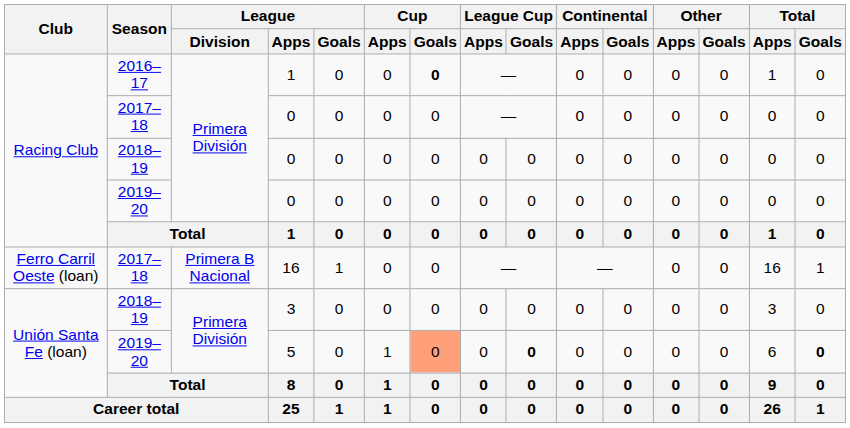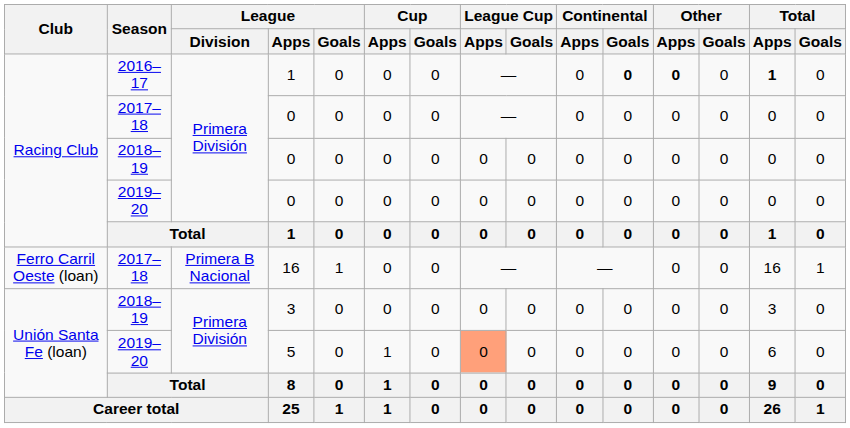 <table class="wikitable" style="text-align:center">
 <tr>
 <th rowspan="2">Club</th>
 <th rowspan="2">Season</th>
 <th colspan="3">League</th>
 <th colspan="2">Cup</th>
 <th colspan="2">League Cup</th>
 <th colspan="2">Continental</th>
 <th colspan="2">Other</th>
 <th colspan="2">Total</th>
 </tr>
 <tr>
 <th>Division</th>
 <th>Apps</th>
 <th>Goals</th>
 <th>Apps</th>
 <th>Goals</th>
 <th>Apps</th>
 <th>Goals</th>
 <th>Apps</th>
 <th>Goals</th>
 <th>Apps</th>
 <th>Goals</th>
 <th>Apps</th>
 <th>Goals</th>
 </tr>
 <tr>
 <td rowspan="5"><a href='#'>Racing Club</a></td>
 <td><a href='#'>2016–17</a></td>
 <td rowspan="4"><a href='#'>Primera División</a></td>
 <td>1</td>
 <td>0</td>
 <td>0</td>
-<td><strong>0</strong></td>
+<td>0</td>
 <td colspan="2">—</td>
 <td>0</td>
+<td><strong>0</strong></td>
+<td><strong>0</strong></td>
 <td>0</td>
-<td>0</td>
-<td>0</td>
-<td>1</td>
+<td><strong>1</strong></td>
 <td>0</td>
 </tr>
 <tr>
 <td><a href='#'>2017–18</a></td>
 <td>0</td>
 <td>0</td>
 <td>0</td>
 <td>0</td>
 <td colspan="2">—</td>
 <td>0</td>
 <td>0</td>
 <td>0</td>
 <td>0</td>
 <td>0</td>
 <td>0</td>
 </tr>
 <tr>
 <td><a href='#'>2018–19</a></td>
 <td>0</td>
 <td>0</td>
 <td>0</td>
 <td>0</td>
 <td>0</td>
 <td>0</td>
 <td>0</td>
 <td>0</td>
 <td>0</td>
 <td>0</td>
 <td>0</td>
 <td>0</td>
 </tr>
 <tr>
 <td><a href='#'>2019–20</a></td>
 <td>0</td>
 <td>0</td>
 <td>0</td>
 <td>0</td>
 <td>0</td>
 <td>0</td>
 <td>0</td>
 <td>0</td>
 <td>0</td>
 <td>0</td>
 <td>0</td>
 <td>0</td>
 </tr>
 <tr>
 <th colspan="2">Total</th>
 <th>1</th>
 <th>0</th>
 <th>0</th>
 <th>0</th>
 <th>0</th>
 <th>0</th>
 <th>0</th>
 <th>0</th>
 <th>0</th>
 <th>0</th>
 <th>1</th>
 <th>0</th>
 </tr>
 <tr>
 <td rowspan="1"><a href='#'>Ferro Carril Oeste</a> (loan)</td>
 <td><a href='#'>2017–18</a></td>
 <td rowspan="1"><a href='#'>Primera B Nacional</a></td>
 <td>16</td>
 <td>1</td>
 <td>0</td>
 <td>0</td>
 <td colspan="2">—</td>
 <td colspan="2">—</td>
 <td>0</td>
 <td>0</td>
 <td>16</td>
 <td>1</td>
 </tr>
 <tr>
 <td rowspan="3"><a href='#'>Unión Santa Fe</a> (loan)</td>
 <td><a href='#'>2018–19</a></td>
 <td rowspan="2"><a href='#'>Primera División</a></td>
 <td>3</td>
 <td>0</td>
 <td>0</td>
 <td>0</td>
 <td>0</td>
 <td>0</td>
 <td>0</td>
 <td>0</td>
 <td>0</td>
 <td>0</td>
 <td>3</td>
 <td>0</td>
 </tr>
 <tr>
 <td><a href='#'>2019–20</a></td>
 <td>5</td>
 <td>0</td>
 <td>1</td>
+<td>0</td>
 <td style="background: lightsalmon;">0</td>
 <td>0</td>
-<td><strong>0</strong></td>
 <td>0</td>
 <td>0</td>
 <td>0</td>
 <td>0</td>
 <td>6</td>
-<td><strong>0</strong></td>
+<td>0</td>
 </tr>
 <tr>
 <th colspan="2">Total</th>
 <th>8</th>
 <th>0</th>
 <th>1</th>
 <th>0</th>
 <th>0</th>
 <th>0</th>
 <th>0</th>
 <th>0</th>
 <th>0</th>
 <th>0</th>
 <th>9</th>
 <th>0</th>
 </tr>
 <tr>
 <th colspan="3">Career total</th>
 <th>25</th>
 <th>1</th>
 <th>1</th>
 <th>0</th>
 <th>0</th>
 <th>0</th>
 <th>0</th>
 <th>0</th>
 <th>0</th>
 <th>0</th>
 <th>26</th>
 <th>1</th>
 </tr>
 </table>
